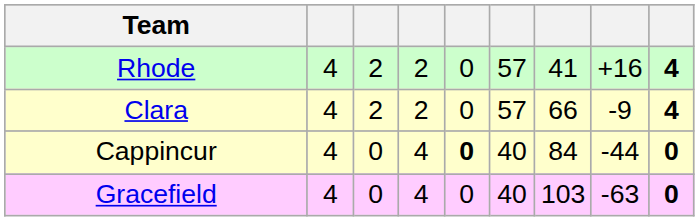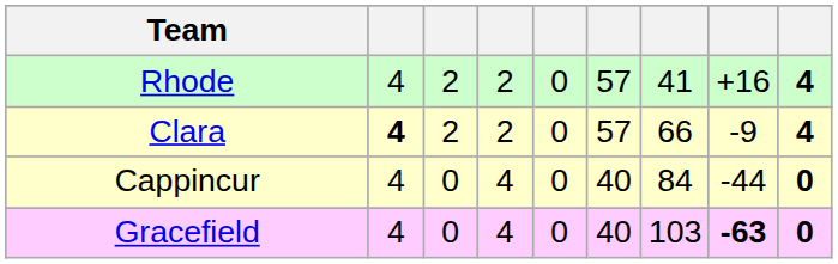 <table class="wikitable" style="text-align:center">
 <tr>
 <th style="width:175px;">Team</th>
 <th width="20"></th>
 <th width="20"></th>
 <th width="20"></th>
 <th width="20"></th>
 <th width="20"></th>
 <th width="20"></th>
 <th width="20"></th>
 <th width="20"></th>
 </tr>
 <tr style="background:#cfc;">
 <td><a href='#'>Rhode</a></td>
 <td>4</td>
 <td>2</td>
 <td>2</td>
 <td>0</td>
 <td>57</td>
 <td>41</td>
 <td>+16</td>
 <td><strong>4</strong></td>
 </tr>
 <tr style="background:#ffffcc;">
 <td><a href='#'>Clara</a></td>
-<td>4</td>
+<td><strong>4</strong></td>
 <td>2</td>
 <td>2</td>
 <td>0</td>
 <td>57</td>
 <td>66</td>
 <td>-9</td>
 <td><strong>4</strong></td>
 </tr>
 <tr style="background:#ffffcc;">
 <td>Cappincur</td>
 <td>4</td>
 <td>0</td>
 <td>4</td>
-<td><strong>0</strong></td>
+<td>0</td>
 <td>40</td>
 <td>84</td>
 <td>-44</td>
 <td><strong>0</strong></td>
 </tr>
 <tr style="background:#fcf;">
 <td><a href='#'>Gracefield</a></td>
 <td>4</td>
 <td>0</td>
 <td>4</td>
 <td>0</td>
 <td>40</td>
 <td>103</td>
-<td>-63</td>
+<td><strong>-63</strong></td>
 <td><strong>0</strong></td>
 </tr>
 </table>
